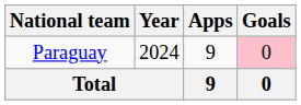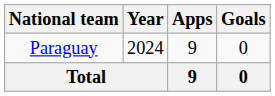 <table class="wikitable" style="text-align:center">
 <tr>
 <th>National team</th>
 <th>Year</th>
 <th>Apps</th>
 <th>Goals</th>
 </tr>
 <tr>
 <td rowspan="1"><a href='#'>Paraguay</a></td>
 <td>2024</td>
 <td>9</td>
-<td style="background: pink;">0</td>
+<td>0</td>
 </tr>
 <tr>
 <th colspan="2">Total</th>
 <th>9</th>
 <th>0</th>
 </tr>
 </table>
